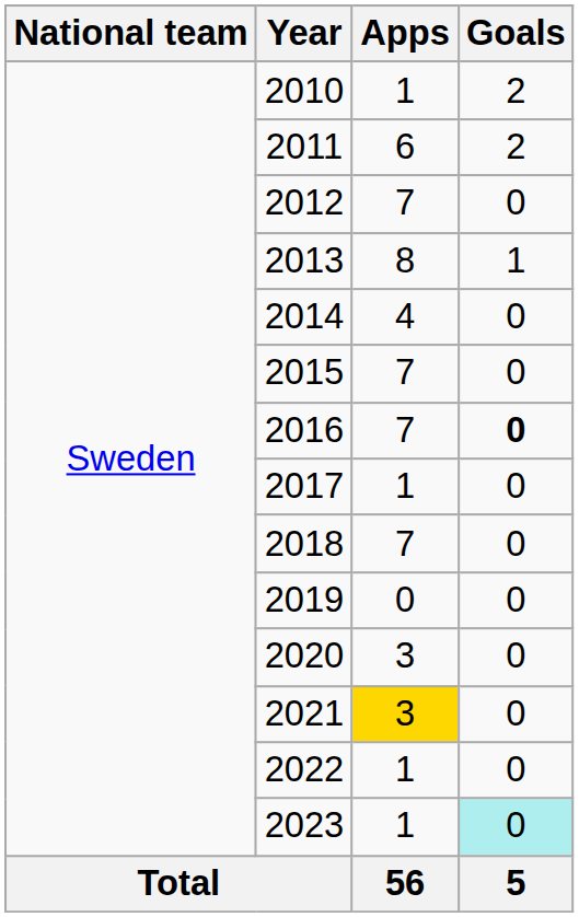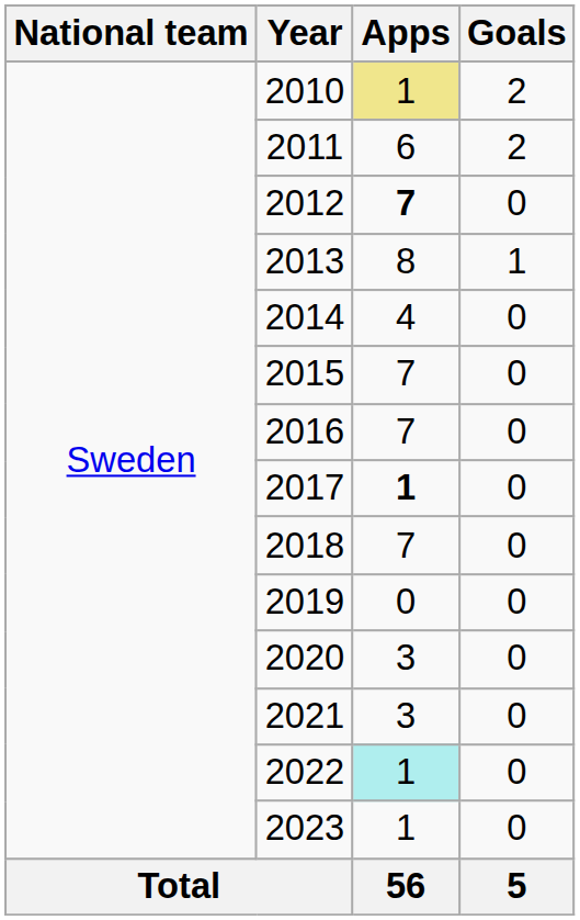 <table class=wikitable style="text-align: center">
 <tr>
 <th>National team</th>
 <th>Year</th>
 <th>Apps</th>
 <th>Goals</th>
 </tr>
 <tr>
 <td rowspan="14"><a href='#'>Sweden</a></td>
 <td>2010</td>
-<td>1</td>
+<td style="background: khaki;">1</td>
 <td>2</td>
 </tr>
 <tr>
 <td>2011</td>
 <td>6</td>
 <td>2</td>
 </tr>
 <tr>
 <td>2012</td>
-<td>7</td>
+<td><strong>7</strong></td>
 <td>0</td>
 </tr>
 <tr>
 <td>2013</td>
 <td>8</td>
 <td>1</td>
 </tr>
 <tr>
 <td>2014</td>
 <td>4</td>
 <td>0</td>
 </tr>
 <tr>
 <td>2015</td>
 <td>7</td>
 <td>0</td>
 </tr>
 <tr>
 <td>2016</td>
 <td>7</td>
-<td><strong>0</strong></td>
+<td>0</td>
 </tr>
 <tr>
 <td>2017</td>
-<td>1</td>
+<td><strong>1</strong></td>
 <td>0</td>
 </tr>
 <tr>
 <td>2018</td>
 <td>7</td>
 <td>0</td>
 </tr>
 <tr>
 <td>2019</td>
 <td>0</td>
 <td>0</td>
 </tr>
 <tr>
 <td>2020</td>
 <td>3</td>
 <td>0</td>
 </tr>
 <tr>
 <td>2021</td>
-<td style="background: gold;">3</td>
+<td>3</td>
 <td>0</td>
 </tr>
 <tr>
 <td>2022</td>
-<td>1</td>
+<td style="background: paleturquoise;">1</td>
 <td>0</td>
 </tr>
 <tr>
 <td>2023</td>
 <td>1</td>
-<td style="background: paleturquoise;">0</td>
+<td>0</td>
 </tr>
 <tr>
 <th colspan="2">Total</th>
 <th>56</th>
 <th>5</th>
 </tr>
 </table>
